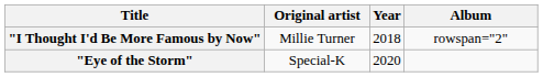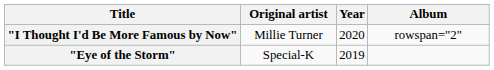 <table class="wikitable plainrowheaders" style="text-align:center;">
 <tr>
 <th scope="col" style="width:18em;">Title</th>
 <th scope="col" style="width:7em;">Original artist</th>
 <th scope="col" style="width:1em;">Year</th>
 <th scope="col" style="width:9em;">Album</th>
 </tr>
 <tr>
 <th scope="row">"I Thought I'd Be More Famous by Now"</th>
 <td>Millie Turner</td>
-<td>2018</td>
+<td>2020</td>
 <td>rowspan="2" </td>
 </tr>
 <tr>
 <th scope="row">"Eye of the Storm"</th>
 <td>Special-K</td>
-<td>2020</td>
+<td>2019</td>
 </tr>
 </table>
